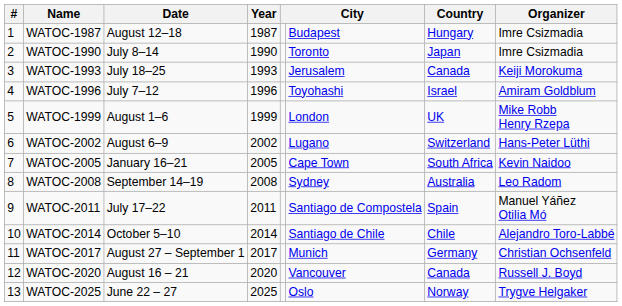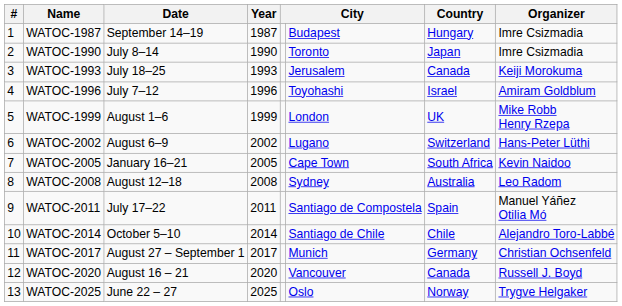 <table class="wikitable sortable">
 <tr>
 <th>#</th>
 <th>Name</th>
 <th>Date</th>
 <th>Year</th>
 <th colspan=2>City</th>
 <th>Country</th>
 <th>Organizer</th>
 </tr>
 <tr>
 <td>1</td>
 <td>WATOC-1987</td>
-<td>August 12–18</td>
+<td>September 14–19</td>
 <td>1987</td>
 <td></td>
 <td><a href='#'>Budapest</a></td>
 <td><a href='#'>Hungary</a></td>
 <td>Imre Csizmadia</td>
 </tr>
 <tr>
 <td>2</td>
 <td>WATOC-1990</td>
 <td>July 8–14</td>
 <td>1990</td>
 <td></td>
 <td><a href='#'>Toronto</a></td>
 <td><a href='#'>Japan</a></td>
 <td>Imre Csizmadia</td>
 </tr>
 <tr>
 <td>3</td>
 <td>WATOC-1993</td>
 <td>July 18–25</td>
 <td>1993</td>
 <td></td>
 <td><a href='#'>Jerusalem</a></td>
 <td><a href='#'>Canada</a></td>
 <td><a href='#'>Keiji Morokuma</a></td>
 </tr>
 <tr>
 <td>4</td>
 <td>WATOC-1996</td>
 <td>July 7–12</td>
 <td>1996</td>
 <td></td>
 <td><a href='#'>Toyohashi</a></td>
 <td><a href='#'>Israel</a></td>
 <td><a href='#'>Amiram Goldblum</a></td>
 </tr>
 <tr>
 <td>5</td>
 <td>WATOC-1999</td>
 <td>August 1–6</td>
 <td>1999</td>
 <td></td>
 <td><a href='#'>London</a></td>
 <td><a href='#'>UK</a></td>
 <td><a href='#'>Mike Robb</a><br><a href='#'>Henry Rzepa</a></td>
 </tr>
 <tr>
 <td>6</td>
 <td>WATOC-2002</td>
 <td>August 6–9</td>
 <td>2002</td>
 <td></td>
 <td><a href='#'>Lugano</a></td>
 <td><a href='#'>Switzerland</a></td>
 <td><a href='#'>Hans-Peter Lüthi</a></td>
 </tr>
 <tr>
 <td>7</td>
 <td>WATOC-2005</td>
 <td>January 16–21</td>
 <td>2005</td>
 <td></td>
 <td><a href='#'>Cape Town</a></td>
 <td><a href='#'>South Africa</a></td>
 <td><a href='#'>Kevin Naidoo</a></td>
 </tr>
 <tr>
 <td>8</td>
 <td>WATOC-2008</td>
-<td>September 14–19</td>
+<td>August 12–18</td>
 <td>2008</td>
 <td></td>
 <td><a href='#'>Sydney</a></td>
 <td><a href='#'>Australia</a></td>
 <td><a href='#'>Leo Radom</a></td>
 </tr>
 <tr>
 <td>9</td>
 <td>WATOC-2011</td>
 <td>July 17–22</td>
 <td>2011</td>
 <td></td>
 <td><a href='#'>Santiago de Compostela</a></td>
 <td><a href='#'>Spain</a></td>
 <td>Manuel Yáñez<br><a href='#'>Otilia Mó</a></td>
 </tr>
 <tr>
 <td>10</td>
 <td>WATOC-2014</td>
 <td>October 5–10</td>
 <td>2014</td>
 <td></td>
 <td><a href='#'>Santiago de Chile</a></td>
 <td><a href='#'>Chile</a></td>
 <td><a href='#'>Alejandro Toro-Labbé</a></td>
 </tr>
 <tr>
 <td>11</td>
 <td>WATOC-2017</td>
 <td>August 27 – September 1</td>
 <td>2017</td>
 <td></td>
 <td><a href='#'>Munich</a></td>
 <td><a href='#'>Germany</a></td>
 <td><a href='#'>Christian Ochsenfeld</a></td>
 </tr>
 <tr>
 <td>12</td>
 <td>WATOC-2020</td>
 <td>August 16 – 21</td>
 <td>2020</td>
 <td></td>
 <td><a href='#'>Vancouver</a></td>
 <td><a href='#'>Canada</a></td>
 <td><a href='#'>Russell J. Boyd</a></td>
 </tr>
 <tr>
 <td>13</td>
 <td>WATOC-2025</td>
 <td>June 22 – 27</td>
 <td>2025</td>
 <td></td>
 <td><a href='#'>Oslo</a></td>
 <td><a href='#'>Norway</a></td>
 <td><a href='#'>Trygve Helgaker</a></td>
 </tr>
 </table>
